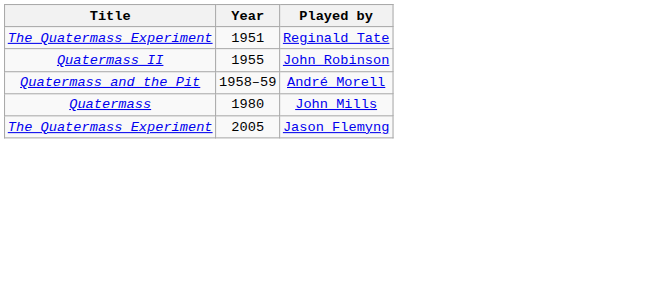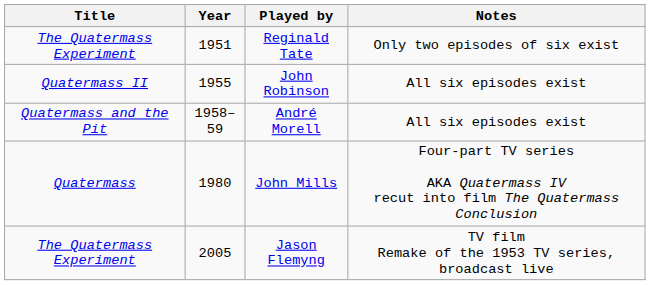 <table class="wikitable" style="text-align:center;">
 <tr>
 <th scope="col">Title</th>
 <th scope="col">Year</th>
 <th scope="col">Played by</th>
+<th scope="col">Notes</th>
 </tr>
 <tr>
 <td><em><a href='#'>The Quatermass Experiment</a></em></td>
 <td>1951</td>
 <td><a href='#'>Reginald Tate</a></td>
+<td>Only two episodes of six exist</td>
 </tr>
 <tr>
 <td><em><a href='#'>Quatermass II</a></em></td>
 <td>1955</td>
 <td><a href='#'>John Robinson</a></td>
+<td>All six episodes exist</td>
 </tr>
 <tr>
 <td><em><a href='#'>Quatermass and the Pit</a></em></td>
 <td>1958–59</td>
 <td><a href='#'>André Morell</a></td>
+<td>All six episodes exist</td>
 </tr>
 <tr>
 <td><em><a href='#'>Quatermass</a></em></td>
 <td>1980</td>
 <td><a href='#'>John Mills</a></td>
+<td>Four-part TV series<br><br>AKA <em>Quatermass IV</em><br> recut into film <em>The Quatermass Conclusion</em></td>
 </tr>
 <tr>
 <td><em><a href='#'>The Quatermass Experiment</a></em></td>
 <td>2005</td>
 <td><a href='#'>Jason Flemyng</a></td>
+<td>TV film<br>Remake of the 1953 TV series, broadcast live</td>
 </tr>
 </table>
